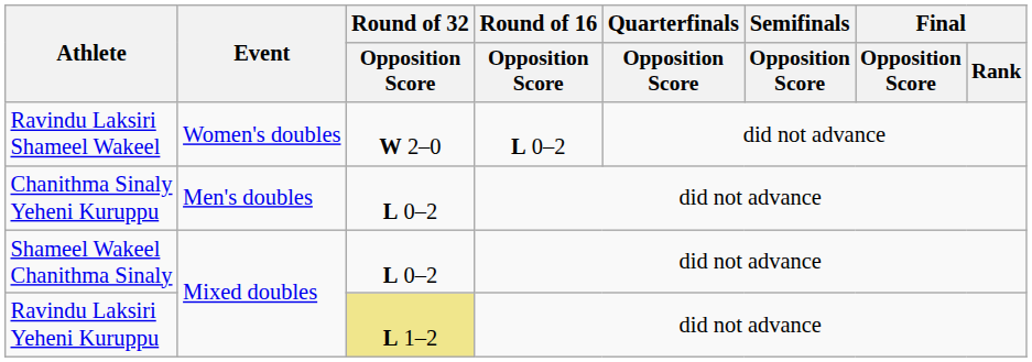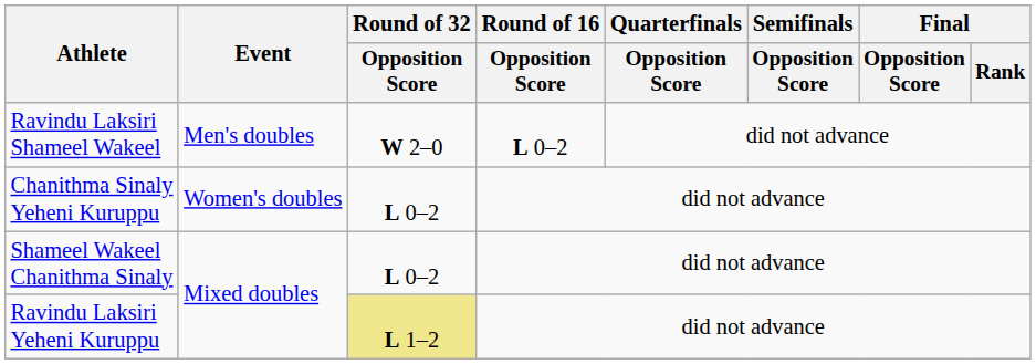 <table class=wikitable style="font-size:90%">
 <tr>
 <th rowspan=2>Athlete</th>
 <th rowspan=2>Event</th>
 <th>Round of 32</th>
 <th>Round of 16</th>
 <th>Quarterfinals</th>
 <th>Semifinals</th>
 <th colspan=2>Final</th>
 </tr>
 <tr style="font-size:95%">
 <th>Opposition<br>Score</th>
 <th>Opposition<br>Score</th>
 <th>Opposition<br>Score</th>
 <th>Opposition<br>Score</th>
 <th>Opposition<br>Score</th>
 <th>Rank</th>
 </tr>
 <tr align=center>
 <td align=left><a href='#'>Ravindu Laksiri</a><br><a href='#'>Shameel Wakeel</a></td>
-<td align=left><a href='#'>Women's doubles</a></td>
+<td align=left><a href='#'>Men's doubles</a></td>
 <td><br><strong>W</strong> 2–0</td>
 <td><br><strong>L</strong> 0–2</td>
 <td colspan=4>did not advance</td>
 </tr>
 <tr align=center>
 <td align=left><a href='#'>Chanithma Sinaly</a><br><a href='#'>Yeheni Kuruppu</a></td>
-<td align=left><a href='#'>Men's doubles</a></td>
+<td align=left><a href='#'>Women's doubles</a></td>
 <td><br><strong>L</strong> 0–2</td>
 <td colspan=5>did not advance</td>
 </tr>
 <tr align=center>
 <td align=left><a href='#'>Shameel Wakeel</a><br><a href='#'>Chanithma Sinaly</a></td>
 <td align=left rowspan=2><a href='#'>Mixed doubles</a></td>
 <td><br><strong>L</strong> 0–2</td>
 <td colspan=5>did not advance</td>
 </tr>
 <tr align=center>
 <td align=left><a href='#'>Ravindu Laksiri</a><br><a href='#'>Yeheni Kuruppu</a></td>
 <td style="background: khaki;"><br><strong>L</strong> 1–2</td>
 <td colspan=5>did not advance</td>
 </tr>
 </table>
